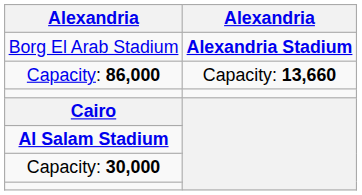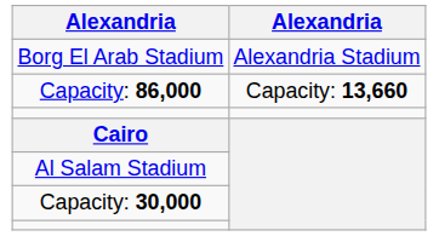 <table class="wikitable" style="text-align:center;margin:1em auto;">
 <tr>
 <th><a href='#'>Alexandria</a></th>
 <th><a href='#'>Alexandria</a></th>
 </tr>
 <tr>
 <td><a href='#'>Borg El Arab Stadium</a></td>
-<td><strong><a href='#'>Alexandria Stadium</a></strong></td>
+<td><a href='#'>Alexandria Stadium</a></td>
 </tr>
 <tr>
 <td><a href='#'>Capacity</a>: <strong>86,000</strong></td>
 <td>Capacity: <strong>13,660</strong></td>
 </tr>
 <tr>
 <td></td>
 <td></td>
 </tr>
 <tr>
 <th><a href='#'>Cairo</a></th>
 <th rowspan=4 colspan=2></th>
 </tr>
 <tr>
-<td><strong><a href='#'>Al Salam Stadium</a></strong></td>
+<td><a href='#'>Al Salam Stadium</a></td>
 </tr>
 <tr>
 <td>Capacity: <strong>30,000</strong></td>
 </tr>
 <tr>
 <td></td>
 </tr>
 </table>
